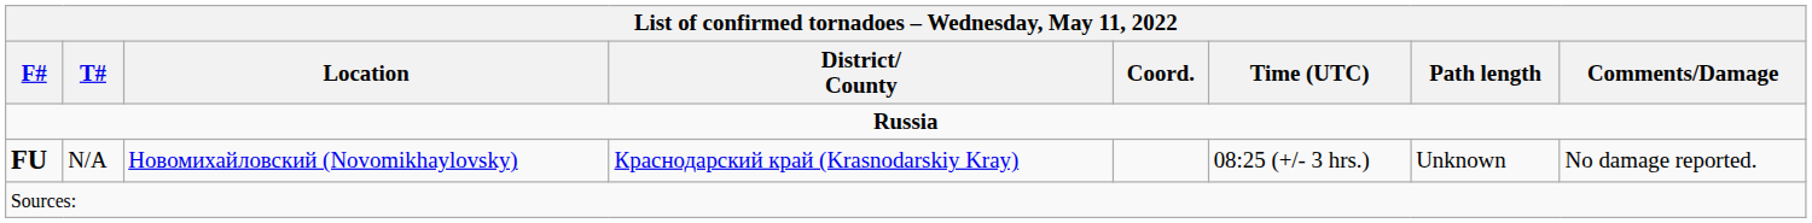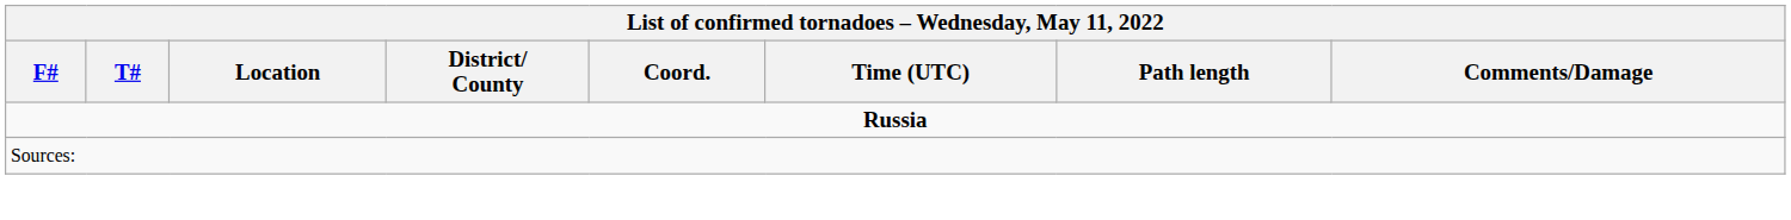 <table class="wikitable collapsible" width="100%">
 <tr>
 <th colspan="8">List of confirmed tornadoes – Wednesday, May 11, 2022</th>
 </tr>
 <tr>
 <th><a href='#'>F#</a></th>
 <th><a href='#'>T#</a></th>
 <th>Location</th>
 <th>District/<br>County</th>
 <th>Coord.</th>
 <th>Time (UTC)</th>
 <th>Path length</th>
 <th>Comments/Damage</th>
 </tr>
 <tr>
 <td colspan="8" align=center><strong>Russia</strong></td>
 </tr>
 <tr>
-<td><big><strong>FU</strong></big></td>
-<td>N/A</td>
-<td><a href='#'>Новомихайловский (Novomikhaylovsky)</a></td>
-<td><a href='#'>Краснодарский край (Krasnodarskiy Kray)</a></td>
-<td></td>
-<td>08:25 (+/- 3 hrs.)</td>
-<td>Unknown</td>
-<td>No damage reported.</td>
-</tr>
-<tr>
 <td colspan="8"><small>Sources:  </small></td>
 </tr>
 </table>
